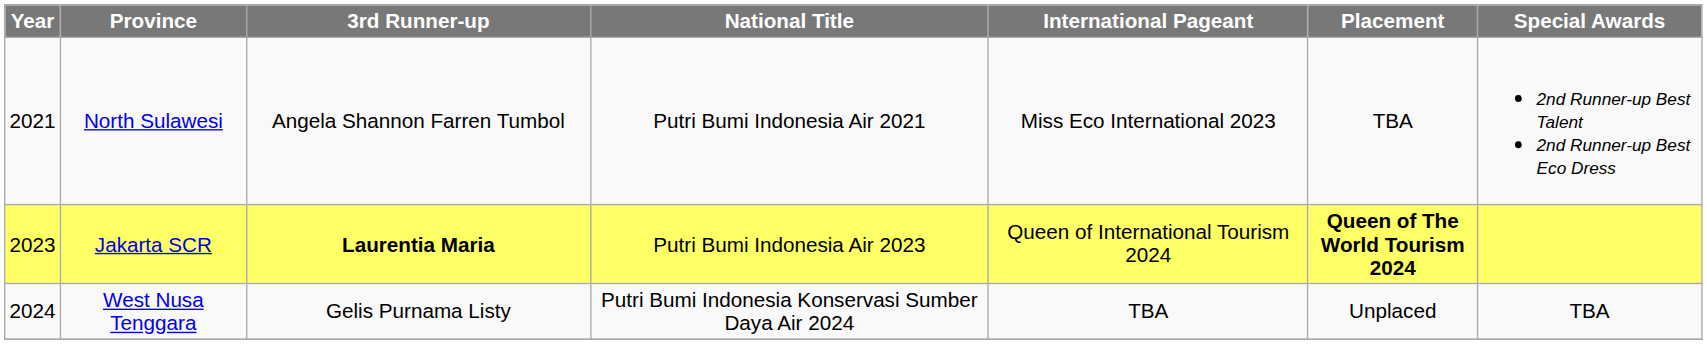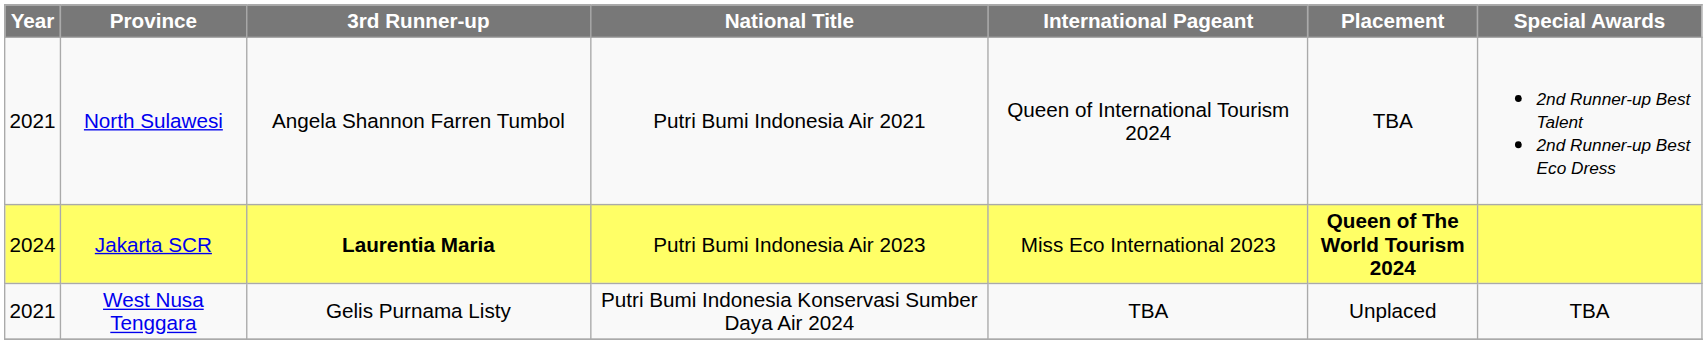 <table class="wikitable sortable" style="font-size: 95%; text-align:center">
 <tr>
 <th width="30" style="background-color:#787878;color:#FFFFFF;">Year</th>
 <th width="150" style="background-color:#787878;color:#FFFFFF;">Province</th>
 <th width="300" style="background-color:#787878;color:#FFFFFF;">3rd Runner-up</th>
 <th width="350" style="background-color:#787878;color:#FFFFFF;">National Title</th>
 <th width="270" style="background-color:#787878;color:#FFFFFF;">International Pageant</th>
 <th width="130" style="background-color:#787878;color:#FFFFFF;">Placement</th>
 <th width="180" style="background-color:#787878;color:#FFFFFF;">Special Awards</th>
 </tr>
 <tr>
 <td>2021</td>
 <td><a href='#'>North Sulawesi</a></td>
 <td>Angela Shannon Farren Tumbol</td>
 <td>Putri Bumi Indonesia Air 2021</td>
-<td>Miss Eco International 2023</td>
+<td>Queen of International Tourism 2024</td>
 <td>TBA</td>
 <td align="left"><br><ul><li><small><em>2nd Runner-up Best Talent</em></small></li><li><small><em>2nd Runner-up Best Eco Dress</em></small></li></ul></td>
 </tr>
 <tr style="background-color:#FFFF66">
-<td>2023</td>
+<td>2024</td>
 <td><a href='#'>Jakarta SCR</a></td>
 <td><strong>Laurentia Maria</strong></td>
 <td>Putri Bumi Indonesia Air 2023</td>
-<td>Queen of International Tourism 2024</td>
+<td>Miss Eco International 2023</td>
 <td><strong>Queen of The World Tourism 2024</strong></td>
 <td></td>
 </tr>
 <tr>
-<td>2024</td>
+<td>2021</td>
 <td><a href='#'>West Nusa Tenggara</a></td>
 <td>Gelis Purnama Listy</td>
 <td>Putri Bumi Indonesia Konservasi Sumber Daya Air 2024</td>
 <td>TBA</td>
 <td>Unplaced</td>
 <td>TBA</td>
 </tr>
 <tr>
 </tr>
 </table>
